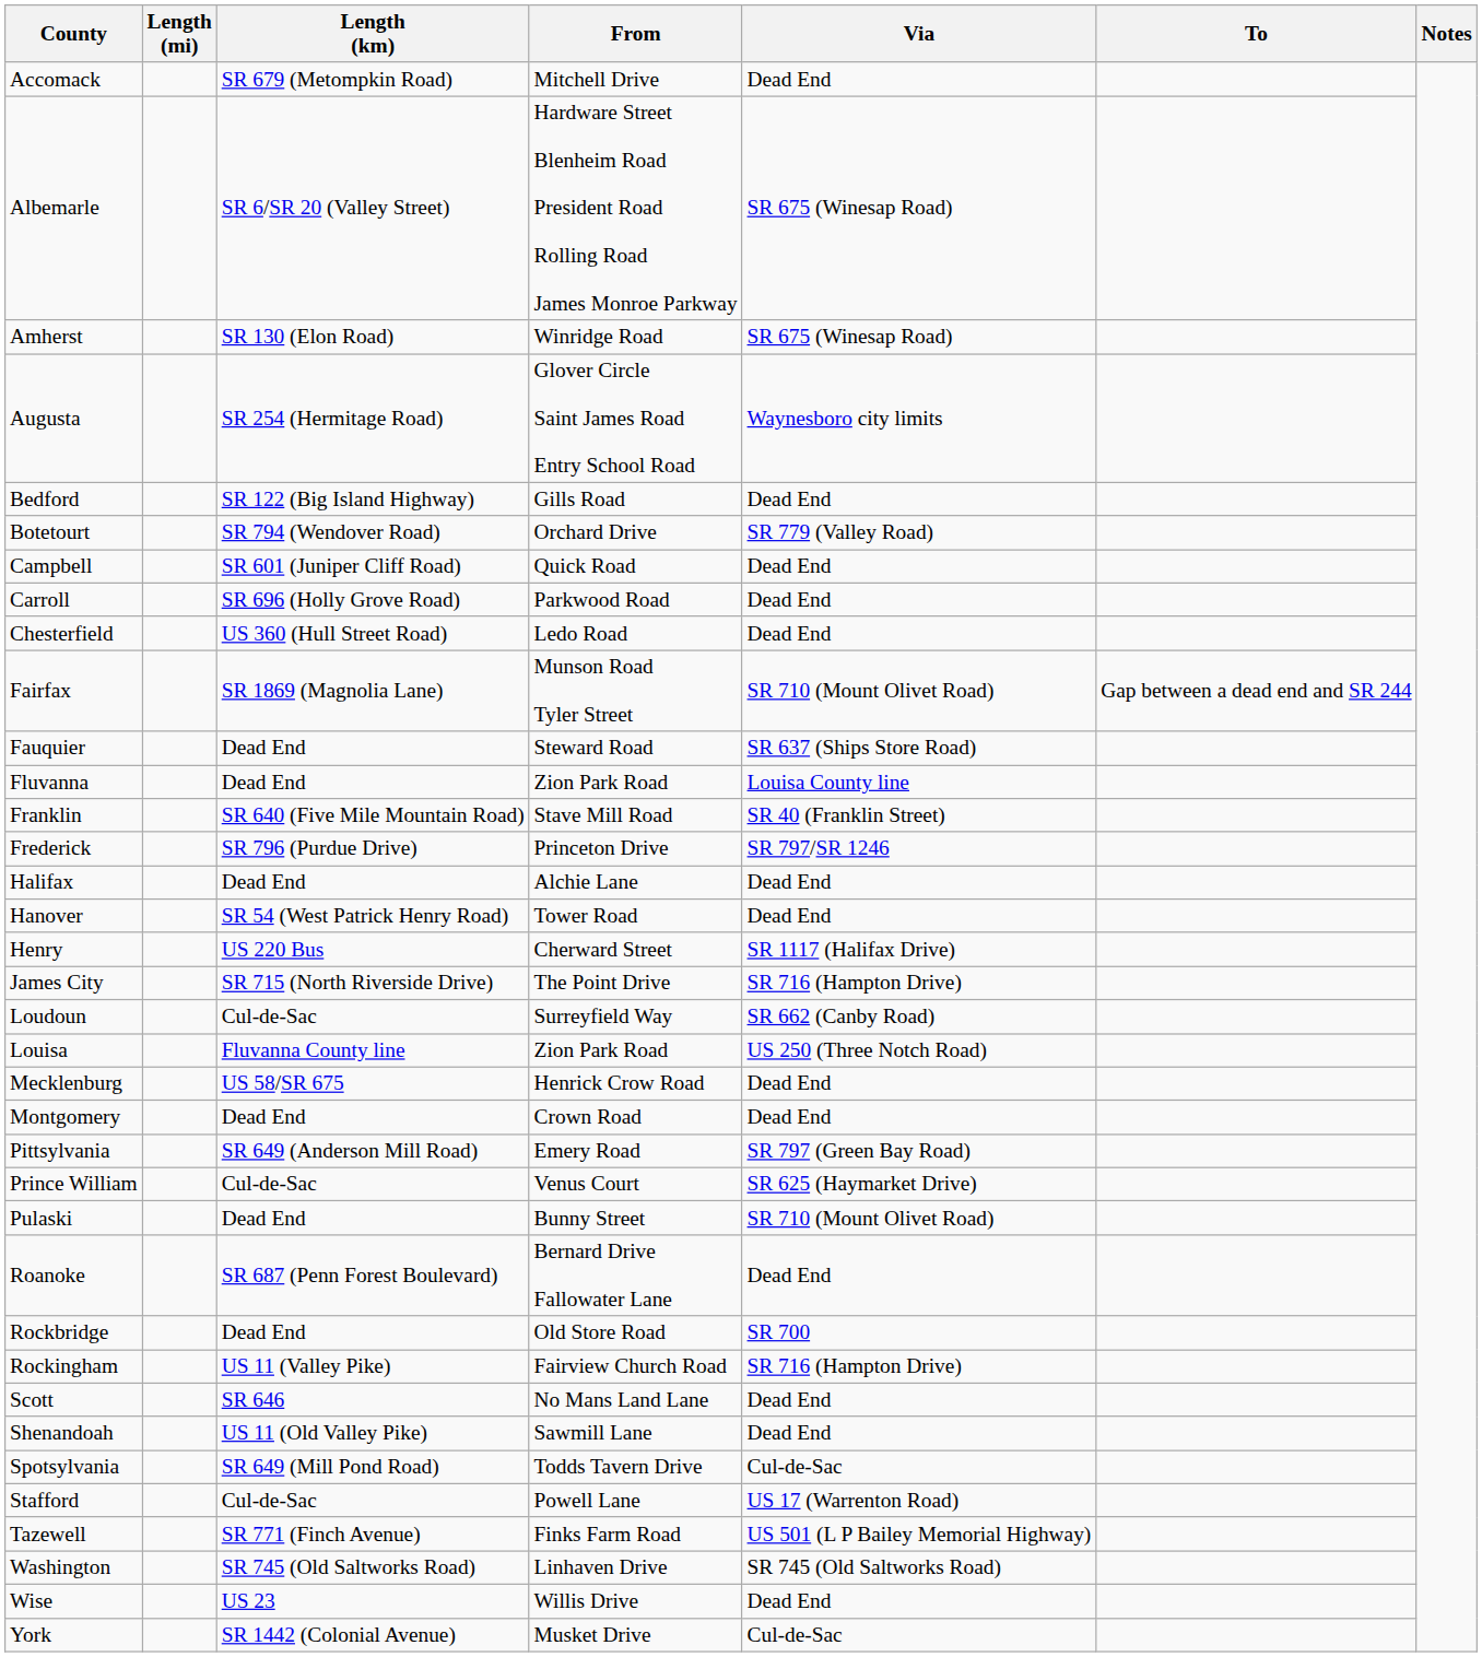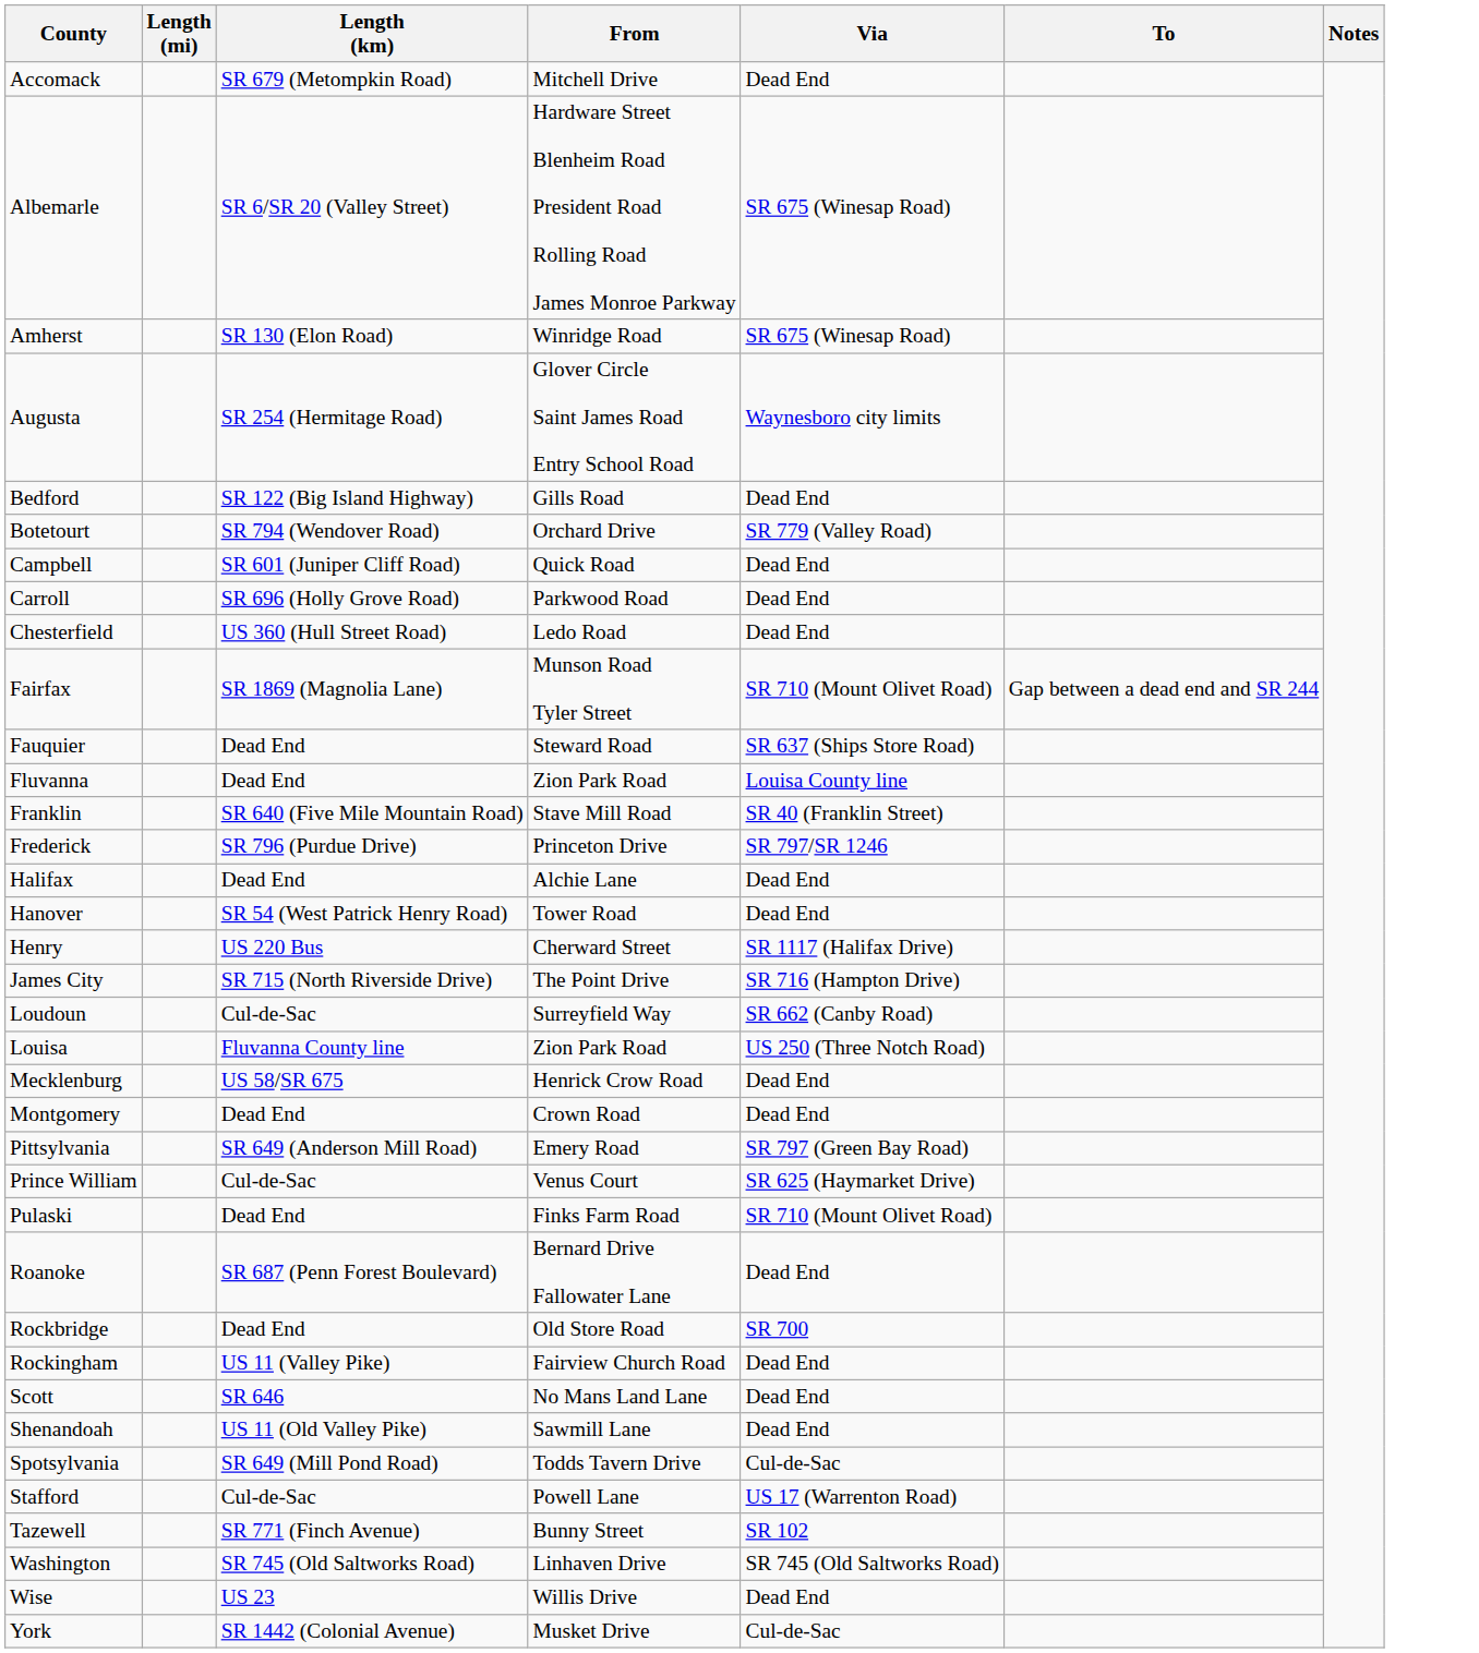 <table class="wikitable sortable">
 <tr>
 <th>County</th>
 <th>Length<br>(mi)</th>
 <th>Length<br>(km)</th>
 <th class="unsortable">From</th>
 <th class="unsortable">Via</th>
 <th class="unsortable">To</th>
 <th class="unsortable">Notes</th>
 </tr>
 <tr>
 <td id="Accomack">Accomack</td>
 <td></td>
 <td><a href='#'>SR 679</a> (Metompkin Road)</td>
 <td>Mitchell Drive</td>
 <td>Dead End</td>
 <td></td>
 </tr>
 <tr>
 <td id="Albemarle">Albemarle</td>
 <td></td>
 <td><a href='#'>SR 6</a>/<a href='#'>SR 20</a> (Valley Street)</td>
 <td>Hardware Street<br><br>Blenheim Road<br><br>President Road<br><br>Rolling Road<br><br>James Monroe Parkway</td>
 <td><a href='#'>SR 675</a> (Winesap Road)</td>
 <td><br> </td>
 </tr>
 <tr>
 <td id="Amherst">Amherst</td>
 <td></td>
 <td><a href='#'>SR 130</a> (Elon Road)</td>
 <td>Winridge Road</td>
 <td><a href='#'>SR 675</a> (Winesap Road)</td>
 <td><br> </td>
 </tr>
 <tr>
 <td id="Augusta">Augusta</td>
 <td></td>
 <td><a href='#'>SR 254</a> (Hermitage Road)</td>
 <td>Glover Circle<br><br>Saint James Road<br><br>Entry School Road</td>
 <td><a href='#'>Waynesboro</a> city limits</td>
 <td><br></td>
 </tr>
 <tr>
 <td id="Bedford">Bedford</td>
 <td></td>
 <td><a href='#'>SR 122</a> (Big Island Highway)</td>
 <td>Gills Road</td>
 <td>Dead End</td>
 <td><br></td>
 </tr>
 <tr>
 <td id="Botetourt">Botetourt</td>
 <td></td>
 <td><a href='#'>SR 794</a> (Wendover Road)</td>
 <td>Orchard Drive</td>
 <td><a href='#'>SR 779</a> (Valley Road)</td>
 <td><br>  </td>
 </tr>
 <tr>
 <td id="Campbell">Campbell</td>
 <td></td>
 <td><a href='#'>SR 601</a> (Juniper Cliff Road)</td>
 <td>Quick Road</td>
 <td>Dead End</td>
 <td><br></td>
 </tr>
 <tr>
 <td id="Carroll">Carroll</td>
 <td></td>
 <td><a href='#'>SR 696</a> (Holly Grove Road)</td>
 <td>Parkwood Road</td>
 <td>Dead End</td>
 <td><br> </td>
 </tr>
 <tr>
 <td id="Chesterfield">Chesterfield</td>
 <td></td>
 <td><a href='#'>US 360</a> (Hull Street Road)</td>
 <td>Ledo Road</td>
 <td>Dead End</td>
 <td><br>      </td>
 </tr>
 <tr>
 <td id="Fairfax">Fairfax</td>
 <td></td>
 <td><a href='#'>SR 1869</a> (Magnolia Lane)</td>
 <td>Munson Road<br><br>Tyler Street</td>
 <td><a href='#'>SR 710</a> (Mount Olivet Road)</td>
 <td>Gap between a dead end and <a href='#'>SR 244</a></td>
 </tr>
 <tr>
 <td id="Fauquier">Fauquier</td>
 <td></td>
 <td>Dead End</td>
 <td>Steward Road</td>
 <td><a href='#'>SR 637</a>  (Ships Store Road)</td>
 <td><br></td>
 </tr>
 <tr>
 <td id="Fluvanna">Fluvanna</td>
 <td></td>
 <td>Dead End</td>
 <td>Zion Park Road</td>
 <td><a href='#'>Louisa County line</a></td>
 <td></td>
 </tr>
 <tr>
 <td id="Franklin">Franklin</td>
 <td></td>
 <td><a href='#'>SR 640</a> (Five Mile Mountain Road)</td>
 <td>Stave Mill Road</td>
 <td><a href='#'>SR 40</a> (Franklin Street)</td>
 <td></td>
 </tr>
 <tr>
 <td id="Frederick">Frederick</td>
 <td></td>
 <td><a href='#'>SR 796</a> (Purdue Drive)</td>
 <td>Princeton Drive</td>
 <td><a href='#'>SR 797</a>/<a href='#'>SR 1246</a></td>
 <td><br>     </td>
 </tr>
 <tr>
 <td id="Halifax">Halifax</td>
 <td></td>
 <td>Dead End</td>
 <td>Alchie Lane</td>
 <td>Dead End</td>
 <td></td>
 </tr>
 <tr>
 <td id="Hanover">Hanover</td>
 <td></td>
 <td><a href='#'>SR 54</a> (West Patrick Henry Road)</td>
 <td>Tower Road</td>
 <td>Dead End</td>
 <td><br></td>
 </tr>
 <tr>
 <td id="Henry">Henry</td>
 <td></td>
 <td><a href='#'>US 220 Bus</a></td>
 <td>Cherward Street</td>
 <td><a href='#'>SR 1117</a> (Halifax Drive)</td>
 <td><br> </td>
 </tr>
 <tr>
 <td id="James City">James City</td>
 <td></td>
 <td><a href='#'>SR 715</a> (North Riverside Drive)</td>
 <td>The Point Drive</td>
 <td><a href='#'>SR 716</a> (Hampton Drive)</td>
 <td><br>    </td>
 </tr>
 <tr>
 <td id="Loudoun">Loudoun</td>
 <td></td>
 <td>Cul-de-Sac</td>
 <td>Surreyfield Way</td>
 <td><a href='#'>SR 662</a> (Canby Road)</td>
 <td></td>
 </tr>
 <tr>
 <td id="Louisa">Louisa</td>
 <td></td>
 <td><a href='#'>Fluvanna County line</a></td>
 <td>Zion Park Road</td>
 <td><a href='#'>US 250</a> (Three Notch Road)</td>
 <td><br>  </td>
 </tr>
 <tr>
 <td id="Mecklenburg">Mecklenburg</td>
 <td></td>
 <td><a href='#'>US 58</a>/<a href='#'>SR 675</a></td>
 <td>Henrick Crow Road</td>
 <td>Dead End</td>
 <td><br></td>
 </tr>
 <tr>
 <td id="Montgomery">Montgomery</td>
 <td></td>
 <td>Dead End</td>
 <td>Crown Road</td>
 <td>Dead End</td>
 <td><br>       </td>
 </tr>
 <tr>
 <td id="Pittsylvania">Pittsylvania</td>
 <td></td>
 <td><a href='#'>SR 649</a> (Anderson Mill Road)</td>
 <td>Emery Road</td>
 <td><a href='#'>SR 797</a> (Green Bay Road)</td>
 <td><br>  </td>
 </tr>
 <tr>
 <td id="Prince William">Prince William</td>
 <td></td>
 <td>Cul-de-Sac</td>
 <td>Venus Court</td>
 <td><a href='#'>SR 625</a> (Haymarket Drive)</td>
 <td></td>
 </tr>
 <tr>
 <td id="Pulaski">Pulaski</td>
 <td></td>
 <td>Dead End</td>
-<td>Bunny Street</td>
+<td>Finks Farm Road</td>
 <td><a href='#'>SR 710</a> (Mount Olivet Road)</td>
 <td><br> </td>
 </tr>
 <tr>
 <td id="Roanoke">Roanoke</td>
 <td></td>
 <td><a href='#'>SR 687</a> (Penn Forest Boulevard)</td>
 <td>Bernard Drive<br><br>Fallowater Lane</td>
 <td>Dead End</td>
 <td></td>
 </tr>
 <tr>
 <td id="Rockbridge">Rockbridge</td>
 <td></td>
 <td>Dead End</td>
 <td>Old Store Road</td>
 <td><a href='#'>SR 700</a></td>
 <td></td>
 </tr>
 <tr>
 <td id="Rockingham">Rockingham</td>
 <td></td>
 <td><a href='#'>US 11</a> (Valley Pike)</td>
 <td>Fairview Church Road</td>
-<td><a href='#'>SR 716</a> (Hampton Drive)</td>
+<td>Dead End</td>
 <td><br></td>
 </tr>
 <tr>
 <td id="Scott">Scott</td>
 <td></td>
 <td><a href='#'>SR 646</a></td>
 <td>No Mans Land Lane</td>
 <td>Dead End</td>
 <td></td>
 </tr>
 <tr>
 <td id="Shenandoah">Shenandoah</td>
 <td></td>
 <td><a href='#'>US 11</a> (Old Valley Pike)</td>
 <td>Sawmill Lane</td>
 <td>Dead End</td>
 <td><br> </td>
 </tr>
 <tr>
 <td id="Spotsylvania">Spotsylvania</td>
 <td></td>
 <td><a href='#'>SR 649</a> (Mill Pond Road)</td>
 <td>Todds Tavern Drive</td>
 <td>Cul-de-Sac</td>
 <td></td>
 </tr>
 <tr>
 <td id="Stafford">Stafford</td>
 <td></td>
 <td>Cul-de-Sac</td>
 <td>Powell Lane</td>
 <td><a href='#'>US 17</a> (Warrenton Road)</td>
 <td><br> </td>
 </tr>
 <tr>
 <td id="Tazewell">Tazewell</td>
 <td></td>
 <td><a href='#'>SR 771</a> (Finch Avenue)</td>
-<td>Finks Farm Road</td>
-<td><a href='#'>US 501</a> (L P Bailey Memorial Highway)</td>
+<td>Bunny Street</td>
+<td><a href='#'>SR 102</a></td>
 <td><br></td>
 </tr>
 <tr>
 <td id="Washington">Washington</td>
 <td></td>
 <td><a href='#'>SR 745</a> (Old Saltworks Road)</td>
 <td>Linhaven Drive</td>
 <td>SR 745 (Old Saltworks Road)</td>
 <td><br></td>
 </tr>
 <tr>
 <td id="Wise">Wise</td>
 <td></td>
 <td><a href='#'>US 23</a></td>
 <td>Willis Drive</td>
 <td>Dead End</td>
 <td><br></td>
 </tr>
 <tr>
 <td id="York">York</td>
 <td></td>
 <td><a href='#'>SR 1442</a> (Colonial Avenue)</td>
 <td>Musket Drive</td>
 <td>Cul-de-Sac</td>
 <td></td>
 </tr>
 </table>
